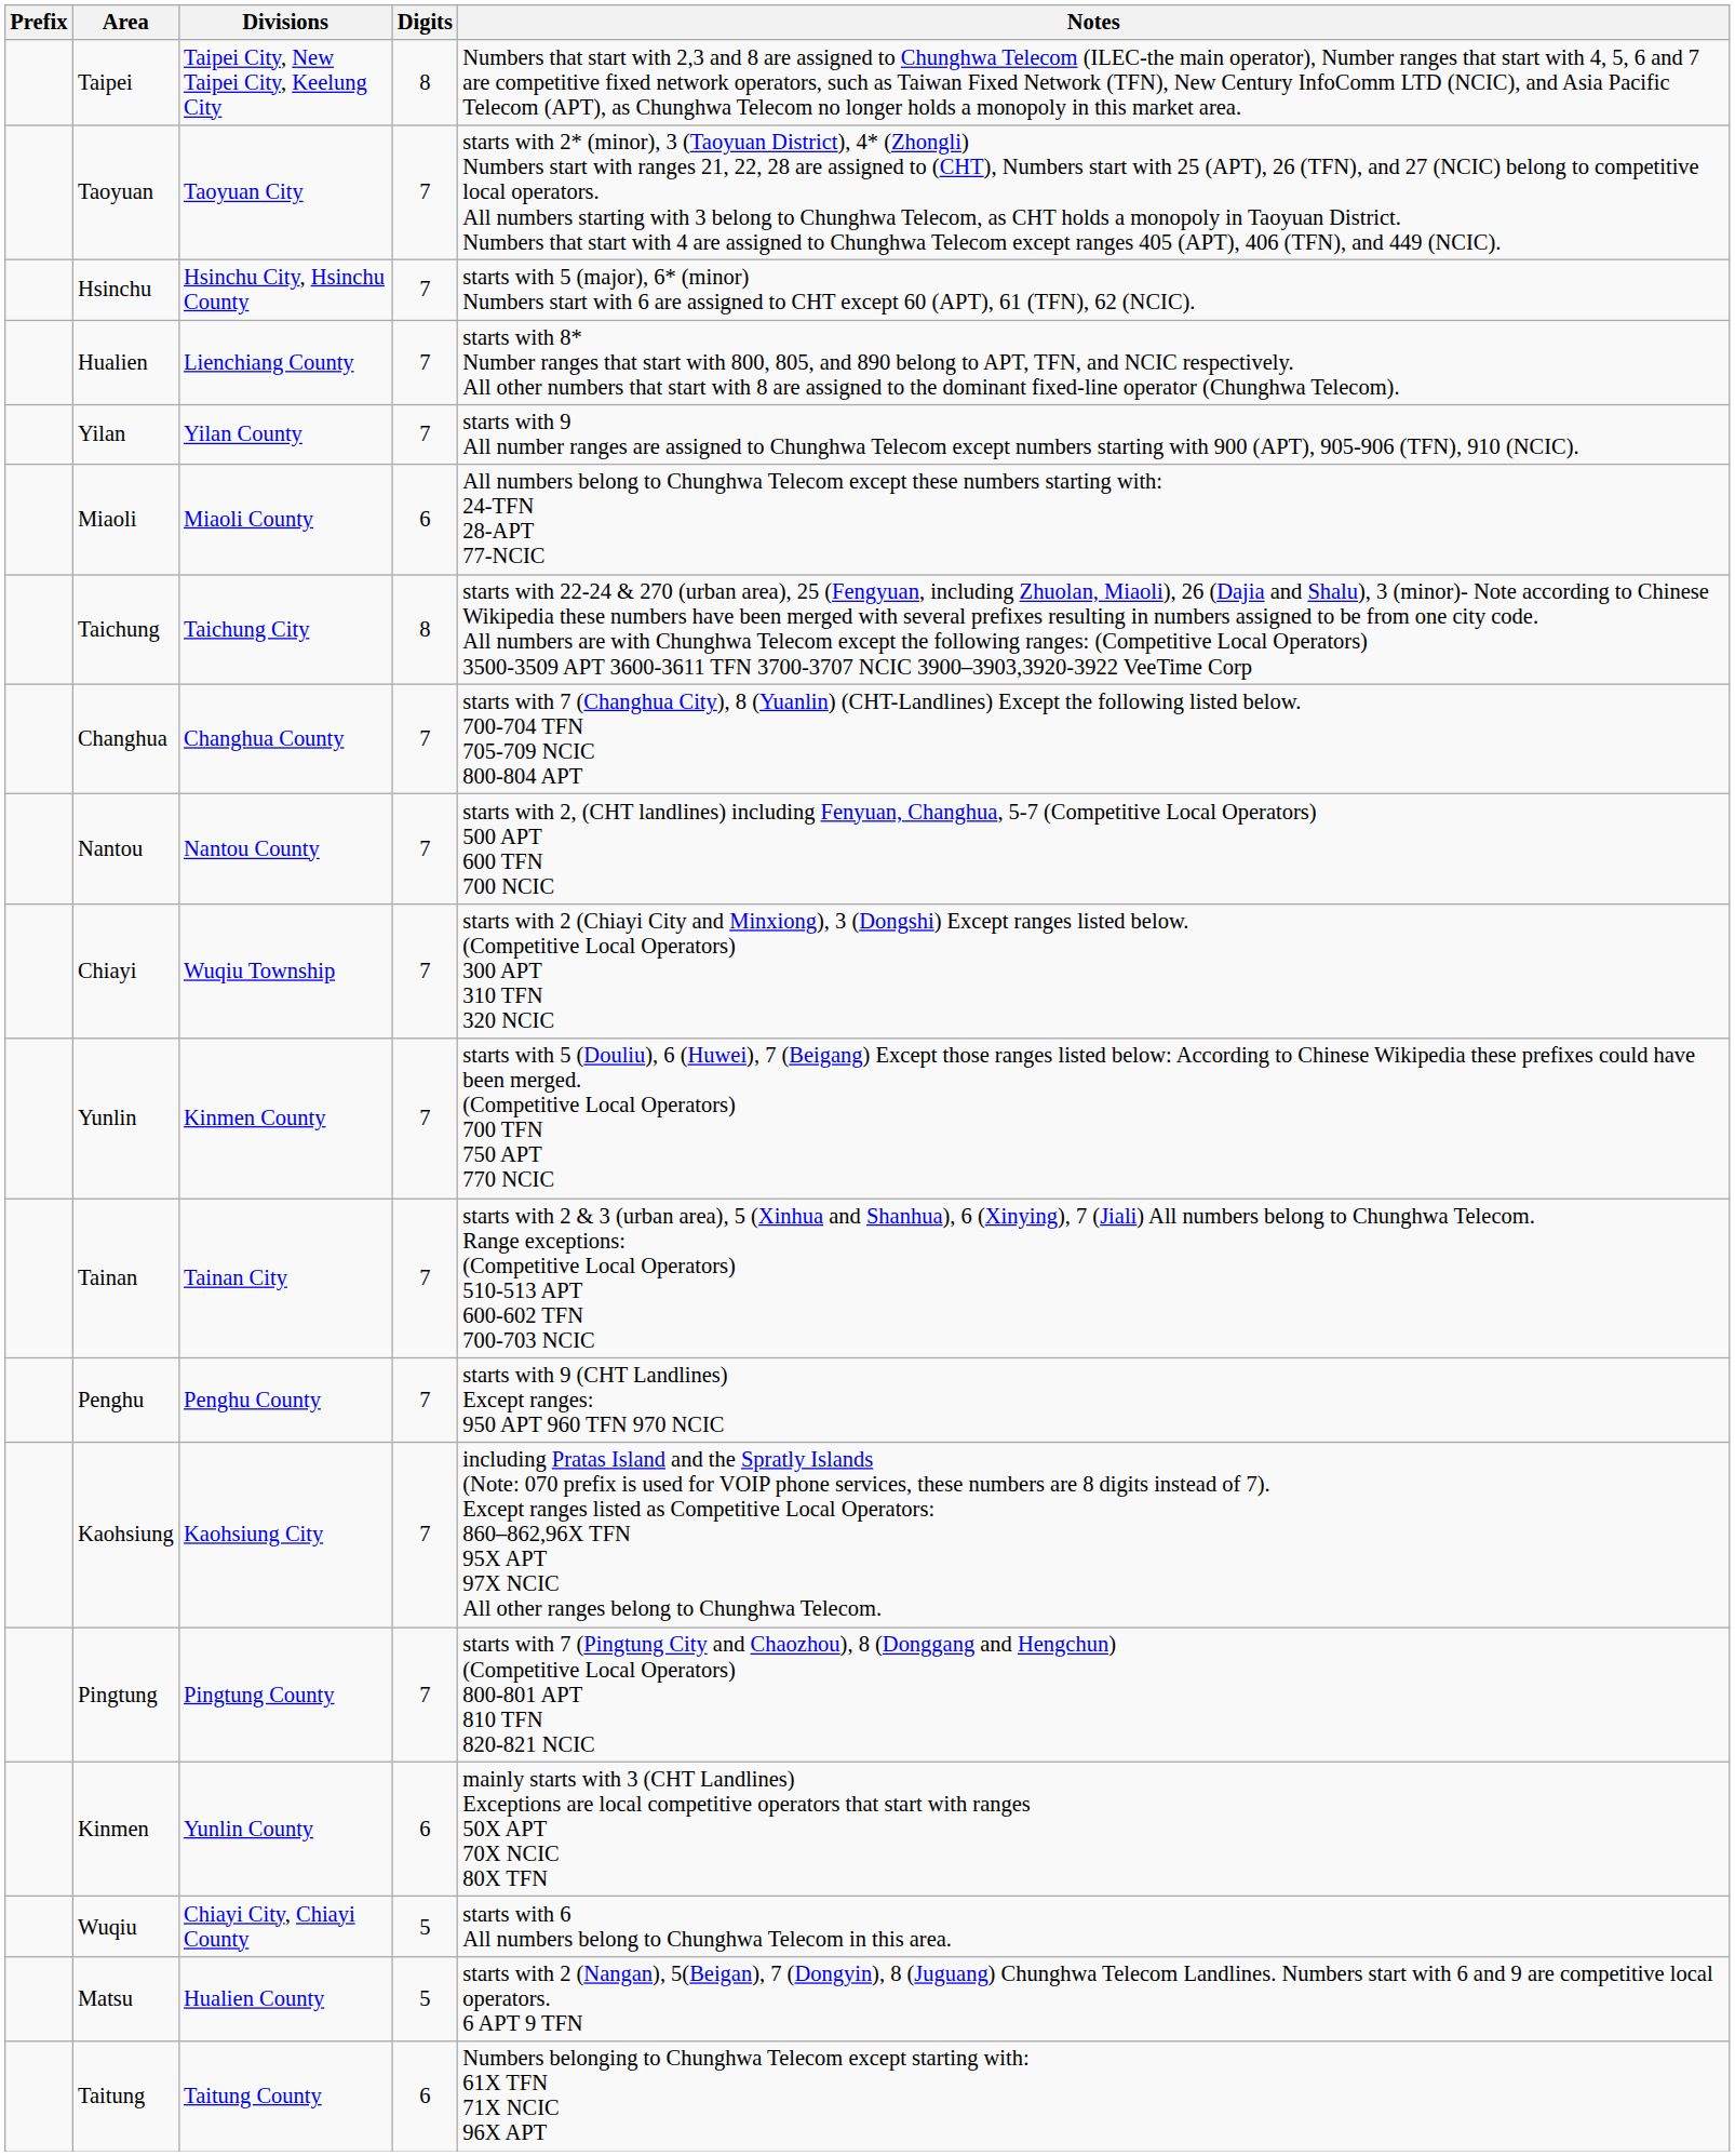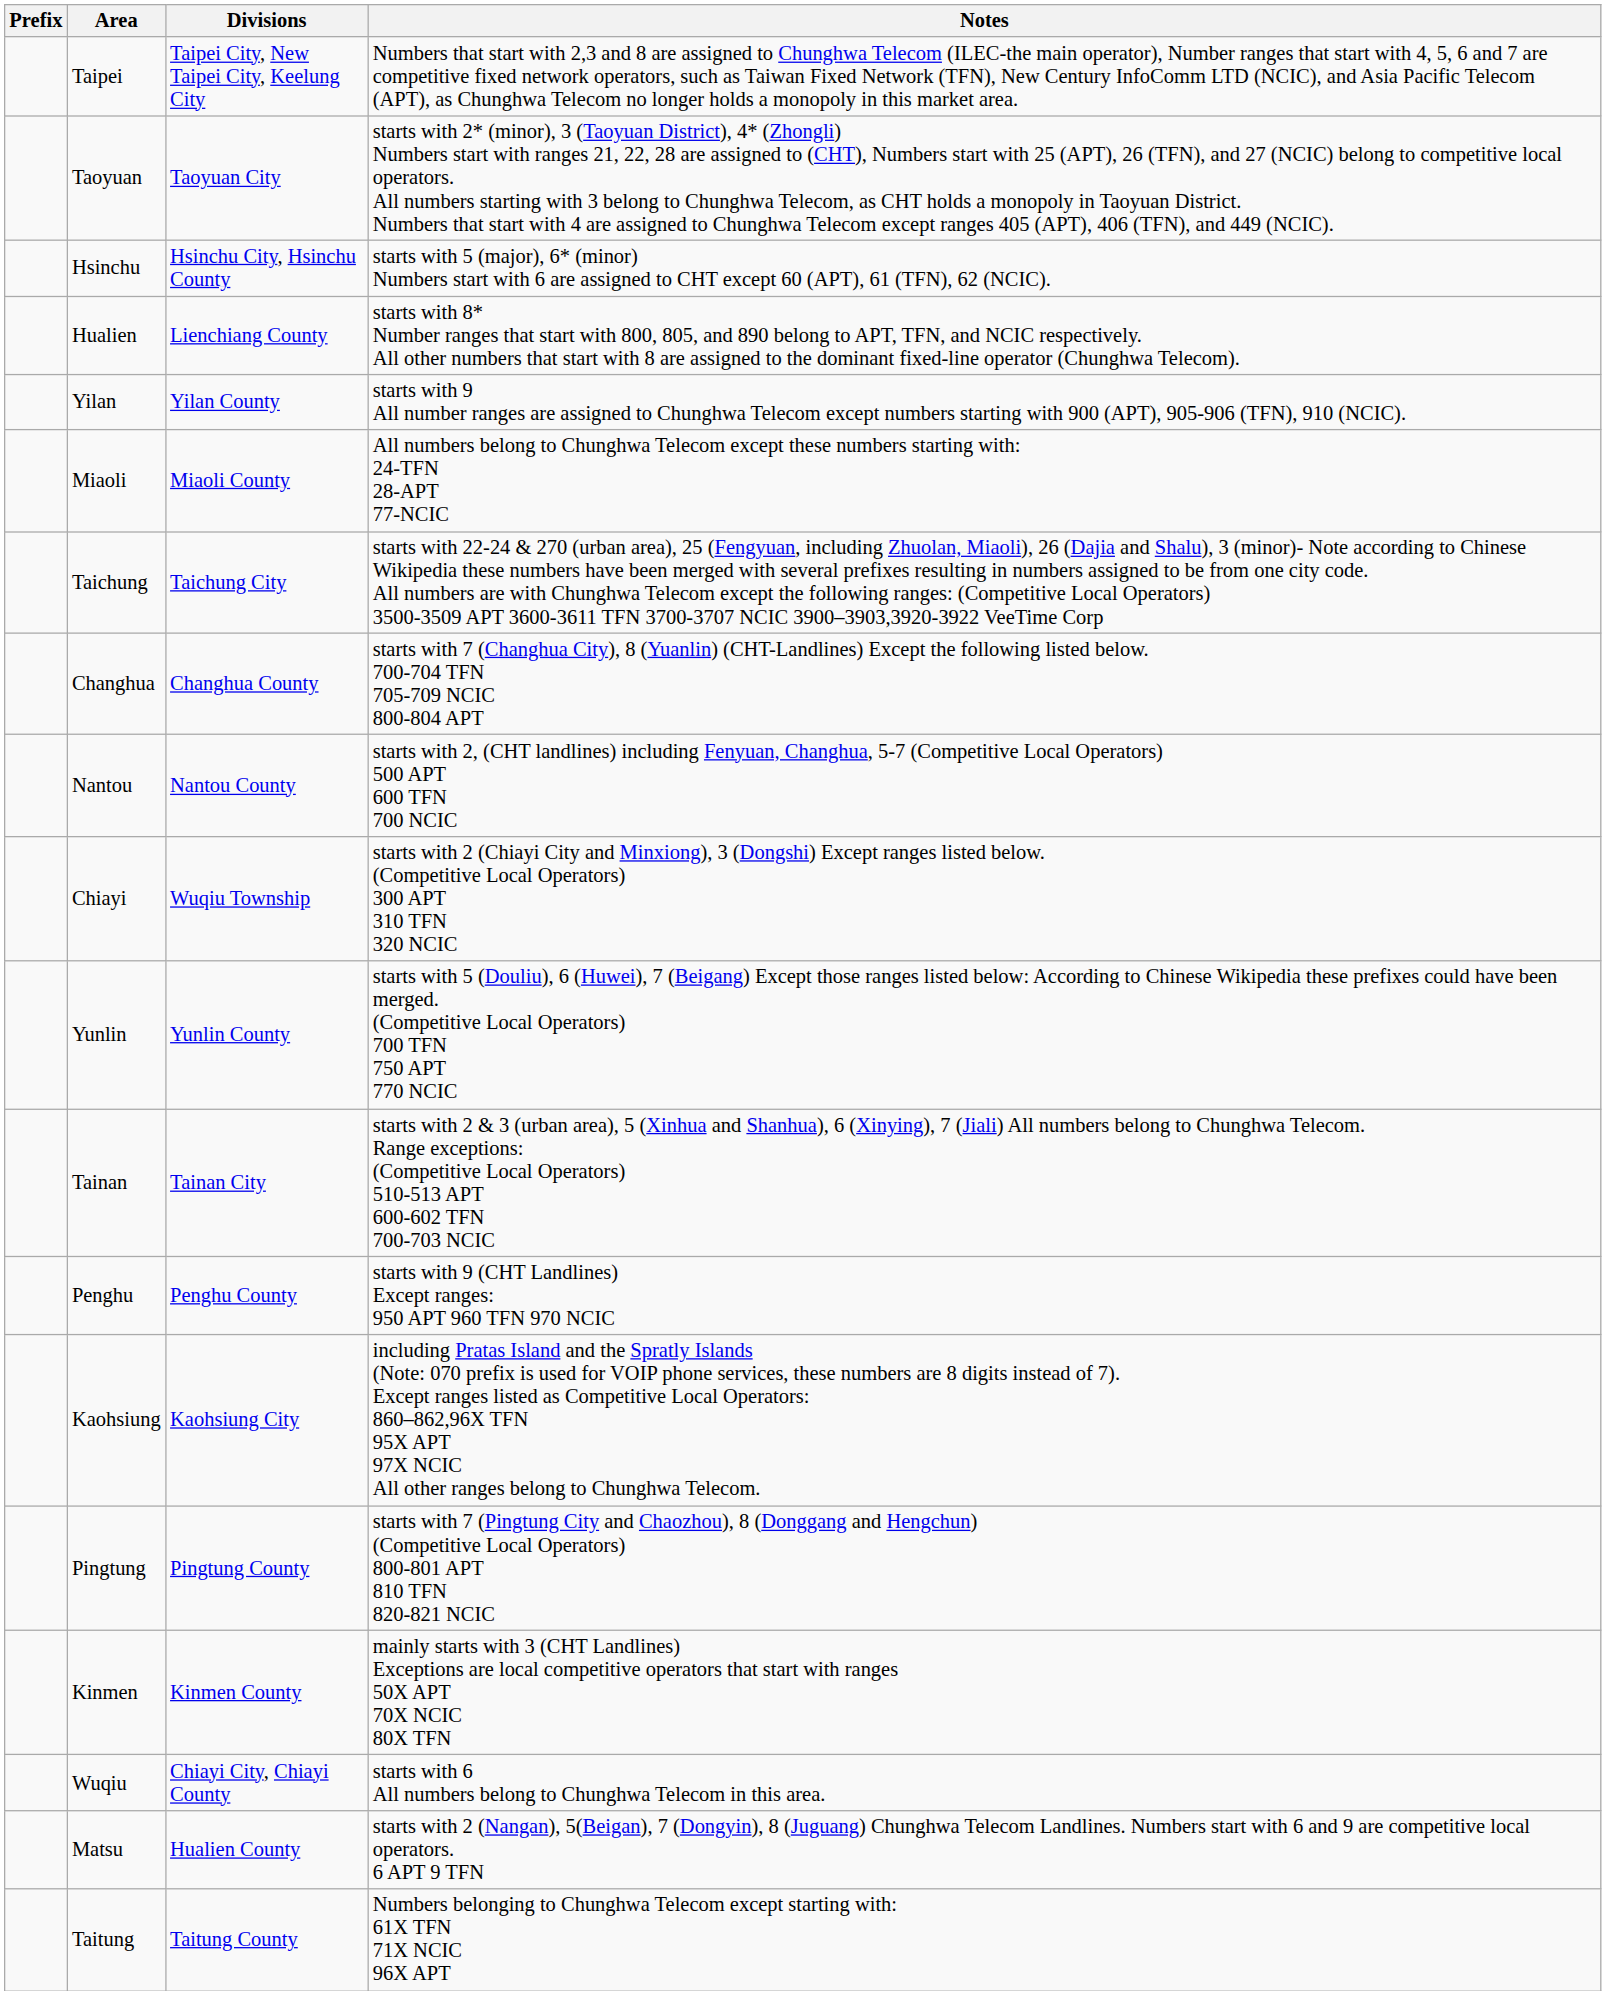 <table class=wikitable>
 <tr>
 <th>Prefix</th>
 <th>Area</th>
 <th>Divisions</th>
-<th>Digits</th>
 <th>Notes</th>
 </tr>
 <tr>
 <td></td>
 <td>Taipei</td>
 <td><a href='#'>Taipei City</a>, <a href='#'>New Taipei City</a>, <a href='#'>Keelung City</a></td>
-<td align="center">8</td>
 <td>Numbers that start with 2,3 and 8 are assigned to <a href='#'>Chunghwa Telecom</a> (ILEC-the main operator), Number ranges that start with 4, 5, 6 and 7 are competitive fixed network operators, such as Taiwan Fixed Network (TFN), New Century InfoComm LTD (NCIC), and Asia Pacific Telecom (APT), as Chunghwa Telecom no longer holds a monopoly in this market area.</td>
 </tr>
 <tr>
 <td></td>
 <td>Taoyuan</td>
 <td><a href='#'>Taoyuan City</a></td>
-<td align="center">7</td>
 <td>starts with 2* (minor), 3 (<a href='#'>Taoyuan District</a>), 4* (<a href='#'>Zhongli</a>)<br>Numbers start with ranges 21, 22, 28 are assigned to (<a href='#'>CHT</a>), Numbers start with 25 (APT), 26 (TFN), and 27 (NCIC) belong to competitive local operators.<br>All numbers starting with 3 belong  to Chunghwa Telecom, as CHT holds a monopoly in Taoyuan District.<br>Numbers that start with 4 are assigned to Chunghwa Telecom except ranges 405 (APT), 406 (TFN), and 449 (NCIC).</td>
 </tr>
 <tr>
 <td></td>
 <td>Hsinchu</td>
 <td><a href='#'>Hsinchu City</a>, <a href='#'>Hsinchu County</a></td>
-<td align="center">7</td>
 <td>starts with 5 (major), 6* (minor)<br>Numbers start with 6 are assigned to CHT except 60 (APT), 61 (TFN), 62 (NCIC).</td>
 </tr>
 <tr>
 <td></td>
 <td>Hualien</td>
 <td><a href='#'>Lienchiang County</a></td>
-<td align="center">7</td>
 <td>starts with 8*<br>Number ranges that start with 800, 805, and 890 belong to APT, TFN, and NCIC respectively.<br>All other numbers that start with 8 are assigned to the dominant fixed-line operator (Chunghwa Telecom).</td>
 </tr>
 <tr>
 <td></td>
 <td>Yilan</td>
 <td><a href='#'>Yilan County</a></td>
-<td align="center">7</td>
 <td>starts with 9<br>All number ranges are assigned to Chunghwa Telecom except numbers starting with 900 (APT), 905-906 (TFN), 910 (NCIC).</td>
 </tr>
 <tr>
 <td></td>
 <td>Miaoli</td>
 <td><a href='#'>Miaoli County</a></td>
-<td align="center">6</td>
 <td>All numbers belong to Chunghwa Telecom except these numbers starting with:<br>24-TFN<br>28-APT<br>77-NCIC</td>
 </tr>
 <tr>
 <td></td>
 <td>Taichung</td>
 <td><a href='#'>Taichung City</a></td>
-<td align="center">8</td>
 <td>starts with 22-24 & 270 (urban area), 25 (<a href='#'>Fengyuan</a>, including <a href='#'>Zhuolan, Miaoli</a>), 26 (<a href='#'>Dajia</a> and <a href='#'>Shalu</a>), 3 (minor)- Note according to Chinese Wikipedia these numbers have been merged with several prefixes resulting in numbers assigned to be from one city code.<br>All numbers are with Chunghwa Telecom except the following ranges: (Competitive Local Operators)<br>3500-3509 APT 3600-3611 TFN 3700-3707 NCIC 3900–3903,3920-3922 VeeTime Corp</td>
 </tr>
 <tr>
 <td></td>
 <td>Changhua</td>
 <td><a href='#'>Changhua County</a></td>
-<td align="center">7</td>
 <td>starts with 7 (<a href='#'>Changhua City</a>), 8 (<a href='#'>Yuanlin</a>) (CHT-Landlines) Except the following listed below.<br>700-704 TFN<br>705-709 NCIC<br>800-804 APT</td>
 </tr>
 <tr>
 <td></td>
 <td>Nantou</td>
 <td><a href='#'>Nantou County</a></td>
-<td align="center">7</td>
 <td>starts with 2, (CHT landlines) including <a href='#'>Fenyuan, Changhua</a>, 5-7 (Competitive Local Operators)<br>500 APT<br>600 TFN<br>700 NCIC</td>
 </tr>
 <tr>
 <td></td>
 <td>Chiayi</td>
 <td><a href='#'>Wuqiu Township</a></td>
-<td align="center">7</td>
 <td>starts with 2 (Chiayi City and <a href='#'>Minxiong</a>), 3 (<a href='#'>Dongshi</a>) Except ranges listed below.<br>(Competitive Local Operators)<br>300 APT<br>310 TFN<br>320 NCIC <br></td>
 </tr>
 <tr>
 <td></td>
 <td>Yunlin</td>
-<td><a href='#'>Kinmen County</a></td>
-<td align="center">7</td>
+<td><a href='#'>Yunlin County</a></td>
 <td>starts with 5 (<a href='#'>Douliu</a>), 6 (<a href='#'>Huwei</a>), 7 (<a href='#'>Beigang</a>) Except those ranges listed below: According to Chinese Wikipedia these prefixes could have been merged.<br>(Competitive Local Operators)<br>700 TFN<br>750 APT<br>770 NCIC <br></td>
 </tr>
 <tr>
 <td></td>
 <td>Tainan</td>
 <td><a href='#'>Tainan City</a></td>
-<td align="center">7</td>
 <td>starts with 2 & 3 (urban area), 5 (<a href='#'>Xinhua</a> and <a href='#'>Shanhua</a>), 6 (<a href='#'>Xinying</a>), 7 (<a href='#'>Jiali</a>) All numbers belong to Chunghwa Telecom.<br>Range exceptions:<br>(Competitive Local Operators)<br>510-513 APT<br>600-602 TFN<br>700-703 NCIC</td>
 </tr>
 <tr>
 <td></td>
 <td>Penghu</td>
 <td><a href='#'>Penghu County</a></td>
-<td align="center">7</td>
 <td>starts with 9 (CHT Landlines)<br>Except ranges:<br>950 APT 960 TFN 970 NCIC</td>
 </tr>
 <tr>
 <td></td>
 <td>Kaohsiung</td>
 <td><a href='#'>Kaohsiung City</a></td>
-<td align="center">7</td>
 <td>including <a href='#'>Pratas Island</a> and the <a href='#'>Spratly Islands</a><br>(Note: 070 prefix is used for VOIP phone services, these numbers are 8 digits instead of 7).<br>Except ranges listed as Competitive Local Operators:<br>860–862,96X TFN<br>95X APT<br>97X NCIC<br>All other ranges belong to Chunghwa Telecom.</td>
 </tr>
 <tr>
 <td></td>
 <td>Pingtung</td>
 <td><a href='#'>Pingtung County</a></td>
-<td align="center">7</td>
 <td>starts with 7 (<a href='#'>Pingtung City</a> and <a href='#'>Chaozhou</a>), 8 (<a href='#'>Donggang</a> and <a href='#'>Hengchun</a>)<br>(Competitive Local Operators)<br>800-801 APT<br>810 TFN<br>820-821 NCIC</td>
 </tr>
 <tr>
 <td></td>
 <td>Kinmen</td>
-<td><a href='#'>Yunlin County</a></td>
-<td align="center">6</td>
+<td><a href='#'>Kinmen County</a></td>
 <td>mainly starts with 3 (CHT Landlines)<br>Exceptions are local competitive operators that start with ranges<br>50X APT<br>70X NCIC<br>80X TFN</td>
 </tr>
 <tr>
 <td></td>
 <td>Wuqiu</td>
 <td><a href='#'>Chiayi City</a>, <a href='#'>Chiayi County</a></td>
-<td align="center">5</td>
 <td>starts with 6<br>All numbers belong to Chunghwa Telecom in this area.</td>
 </tr>
 <tr>
 <td></td>
 <td>Matsu</td>
 <td><a href='#'>Hualien County</a></td>
-<td align="center">5</td>
 <td>starts with 2 (<a href='#'>Nangan</a>), 5(<a href='#'>Beigan</a>), 7 (<a href='#'>Dongyin</a>), 8 (<a href='#'>Juguang</a>) Chunghwa Telecom Landlines. Numbers start with 6 and 9 are competitive local operators.<br>6 APT 9 TFN<br></td>
 </tr>
 <tr>
 <td></td>
 <td>Taitung</td>
 <td><a href='#'>Taitung County</a></td>
-<td align="center">6</td>
 <td>Numbers belonging to Chunghwa Telecom except starting with:<br>61X TFN<br>71X NCIC<br>96X APT</td>
 </tr>
 </table>
